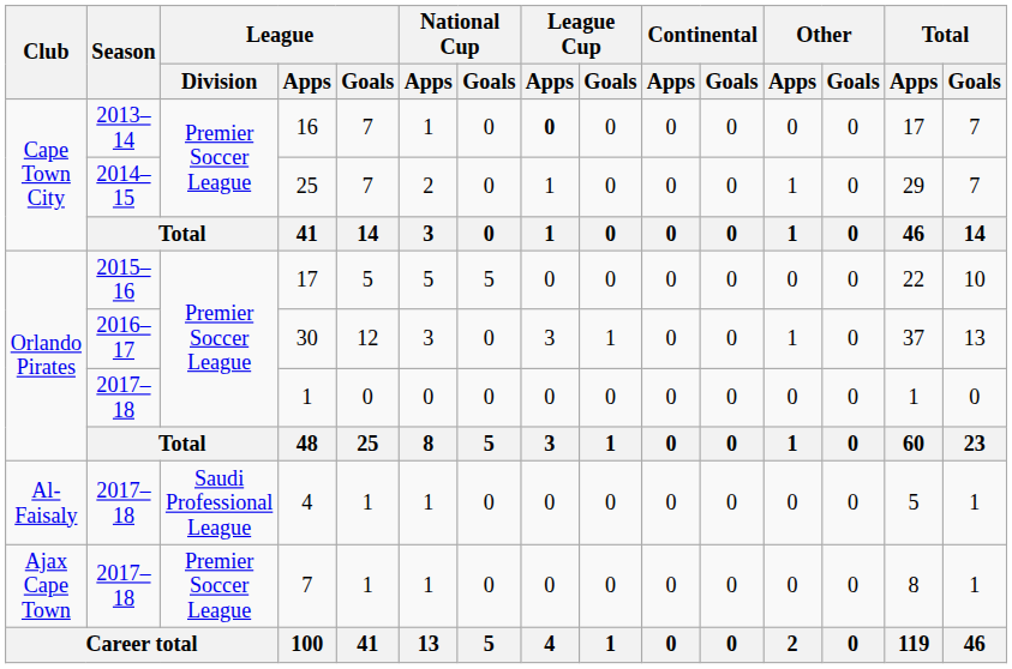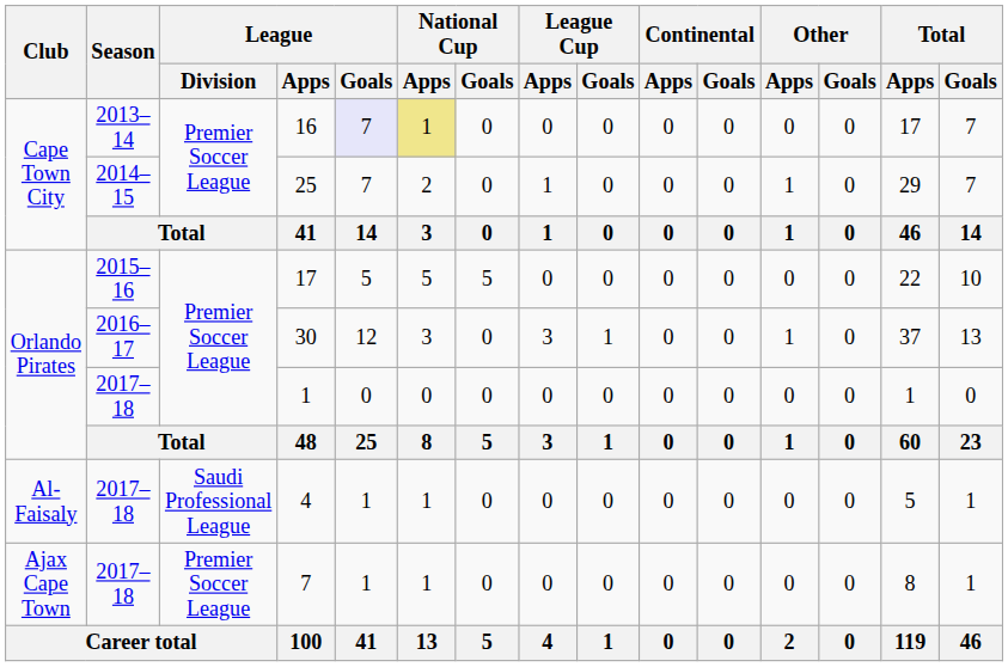 <table class="wikitable" style="text-align:center">
 <tr>
 <th rowspan="2">Club</th>
 <th rowspan="2">Season</th>
 <th colspan="3">League</th>
 <th colspan="2">National Cup</th>
 <th colspan="2">League Cup</th>
 <th colspan="2">Continental</th>
 <th colspan="2">Other</th>
 <th colspan="2">Total</th>
 </tr>
 <tr>
 <th>Division</th>
 <th>Apps</th>
 <th>Goals</th>
 <th>Apps</th>
 <th>Goals</th>
 <th>Apps</th>
 <th>Goals</th>
 <th>Apps</th>
 <th>Goals</th>
 <th>Apps</th>
 <th>Goals</th>
 <th>Apps</th>
 <th>Goals</th>
 </tr>
 <tr>
 <td rowspan="3"><a href='#'>Cape Town City</a></td>
 <td><a href='#'>2013–14</a></td>
 <td rowspan="2"><a href='#'>Premier Soccer League</a></td>
 <td>16</td>
-<td>7</td>
-<td>1</td>
+<td style="background: lavender;">7</td>
+<td style="background: khaki;">1</td>
 <td>0</td>
-<td><strong>0</strong></td>
+<td>0</td>
 <td>0</td>
 <td>0</td>
 <td>0</td>
 <td>0</td>
 <td>0</td>
 <td>17</td>
 <td>7</td>
 </tr>
 <tr>
 <td><a href='#'>2014–15</a></td>
 <td>25</td>
 <td>7</td>
 <td>2</td>
 <td>0</td>
 <td>1</td>
 <td>0</td>
 <td>0</td>
 <td>0</td>
 <td>1</td>
 <td>0</td>
 <td>29</td>
 <td>7</td>
 </tr>
 <tr>
 <th colspan="2">Total</th>
 <th>41</th>
 <th>14</th>
 <th>3</th>
 <th>0</th>
 <th>1</th>
 <th>0</th>
 <th>0</th>
 <th>0</th>
 <th>1</th>
 <th>0</th>
 <th>46</th>
 <th>14</th>
 </tr>
 <tr>
 <td rowspan="4"><a href='#'>Orlando Pirates</a></td>
 <td><a href='#'>2015–16</a></td>
 <td rowspan="3"><a href='#'>Premier Soccer League</a></td>
 <td>17</td>
 <td>5</td>
 <td>5</td>
 <td>5</td>
 <td>0</td>
 <td>0</td>
 <td>0</td>
 <td>0</td>
 <td>0</td>
 <td>0</td>
 <td>22</td>
 <td>10</td>
 </tr>
 <tr>
 <td><a href='#'>2016–17</a></td>
 <td>30</td>
 <td>12</td>
 <td>3</td>
 <td>0</td>
 <td>3</td>
 <td>1</td>
 <td>0</td>
 <td>0</td>
 <td>1</td>
 <td>0</td>
 <td>37</td>
 <td>13</td>
 </tr>
 <tr>
 <td><a href='#'>2017–18</a></td>
 <td>1</td>
 <td>0</td>
 <td>0</td>
 <td>0</td>
 <td>0</td>
 <td>0</td>
 <td>0</td>
 <td>0</td>
 <td>0</td>
 <td>0</td>
 <td>1</td>
 <td>0</td>
 </tr>
 <tr>
 <th colspan="2">Total</th>
 <th>48</th>
 <th>25</th>
 <th>8</th>
 <th>5</th>
 <th>3</th>
 <th>1</th>
 <th>0</th>
 <th>0</th>
 <th>1</th>
 <th>0</th>
 <th>60</th>
 <th>23</th>
 </tr>
 <tr>
 <td><a href='#'>Al-Faisaly</a></td>
 <td><a href='#'>2017–18</a></td>
 <td><a href='#'>Saudi Professional League</a></td>
 <td>4</td>
 <td>1</td>
 <td>1</td>
 <td>0</td>
 <td>0</td>
 <td>0</td>
 <td>0</td>
 <td>0</td>
 <td>0</td>
 <td>0</td>
 <td>5</td>
 <td>1</td>
 </tr>
 <tr>
 <td><a href='#'>Ajax Cape Town</a></td>
 <td><a href='#'>2017–18</a></td>
 <td><a href='#'>Premier Soccer League</a></td>
 <td>7</td>
 <td>1</td>
 <td>1</td>
 <td>0</td>
 <td>0</td>
 <td>0</td>
 <td>0</td>
 <td>0</td>
 <td>0</td>
 <td>0</td>
 <td>8</td>
 <td>1</td>
 </tr>
 <tr>
 <th colspan="3">Career total</th>
 <th>100</th>
 <th>41</th>
 <th>13</th>
 <th>5</th>
 <th>4</th>
 <th>1</th>
 <th>0</th>
 <th>0</th>
 <th>2</th>
 <th>0</th>
 <th>119</th>
 <th>46</th>
 </tr>
 </table>
